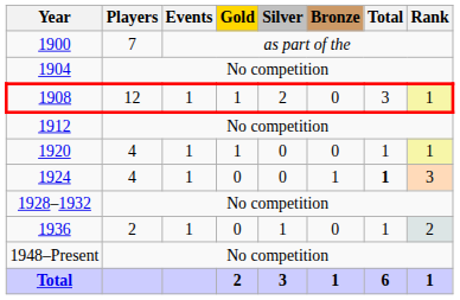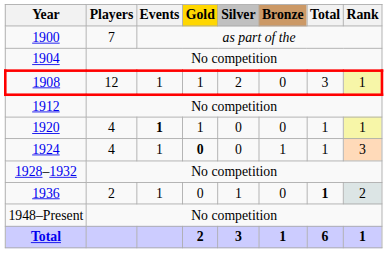 <table class="wikitable sortable collapsible collapsed">
 <tr>
 <th>Year</th>
 <th>Players</th>
 <th>Events</th>
 <th style="text-align:center; background-color:gold;"><strong>Gold</strong></th>
 <th style="text-align:center; background-color:silver;"><strong>Silver</strong></th>
 <th style="text-align:center; background-color:#c96;"><strong>Bronze</strong></th>
 <th>Total</th>
 <th>Rank</th>
 </tr>
 <tr style="text-align:center">
 <td><a href='#'>1900</a></td>
 <td>7</td>
 <td colspan=6><em>as part of the </em></td>
 </tr>
 <tr style="text-align:center">
 <td><a href='#'>1904</a></td>
 <td colspan=7>No competition</td>
 </tr>
 <tr style="text-align:center;border: 3px solid red">
 <td><a href='#'>1908</a></td>
 <td>12</td>
 <td>1</td>
 <td>1</td>
 <td>2</td>
 <td>0</td>
 <td>3</td>
 <td style="background-color:#F7F6A8">1</td>
 </tr>
 <tr style="text-align:center">
 <td><a href='#'>1912</a></td>
 <td colspan=7>No competition</td>
 </tr>
 <tr style="text-align:center">
 <td><a href='#'>1920</a></td>
 <td>4</td>
-<td>1</td>
+<td><strong>1</strong></td>
 <td>1</td>
 <td>0</td>
 <td>0</td>
 <td>1</td>
 <td style="background-color:#F7F6A8">1</td>
 </tr>
 <tr style="text-align:center">
 <td><a href='#'>1924</a></td>
 <td>4</td>
 <td>1</td>
-<td>0</td>
+<td><strong>0</strong></td>
 <td>0</td>
 <td>1</td>
-<td><strong>1</strong></td>
+<td>1</td>
 <td style="background-color:#ffdab9">3</td>
 </tr>
 <tr style="text-align:center">
 <td><a href='#'>1928</a>–<a href='#'>1932</a></td>
 <td colspan=7>No competition</td>
 </tr>
 <tr style="text-align:center">
 <td><a href='#'>1936</a></td>
 <td>2</td>
 <td>1</td>
 <td>0</td>
 <td>1</td>
 <td>0</td>
-<td>1</td>
+<td><strong>1</strong></td>
 <td style="background-color:#dce5e5">2</td>
 </tr>
 <tr style="text-align:center">
 <td>1948–Present</td>
 <td colspan=7>No competition</td>
 </tr>
 <tr style="text-align:center; background-color:#ccf;">
 <td><strong><a href='#'>Total</a></strong></td>
 <td></td>
 <td></td>
 <td><strong>2</strong></td>
 <td><strong>3</strong></td>
 <td><strong>1</strong></td>
 <td><strong>6</strong></td>
 <td><strong>1</strong></td>
 </tr>
 </table>
